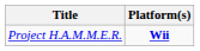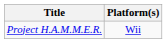 <table class="wikitable" width="auto">
 <tr>
 <th>Title</th>
 <th>Platform(s)</th>
 </tr>
 <tr>
 <td style="text-align:left;"><em><a href='#'>Project H.A.M.M.E.R.</a></em></td>
-<td style="text-align:center;"><strong><a href='#'>Wii</a></strong></td>
+<td style="text-align:center;"><a href='#'>Wii</a></td>
 </tr>
 </table>
